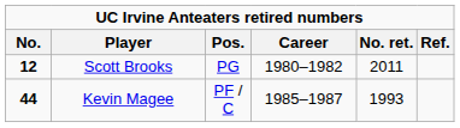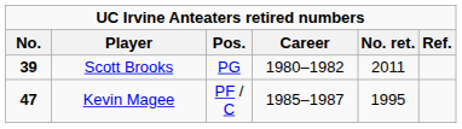 <table class="wikitable sortable" style="text-align:center">
 <tr>
 <td colspan=6><strong>UC Irvine Anteaters retired numbers</strong></td>
 </tr>
 <tr>
 <th width=40px>No.</th>
 <th width=150px>Player</th>
 <th width=40px>Pos.</th>
 <th width=100px>Career</th>
 <th width=px>No. ret.</th>
 <th width=px>Ref.</th>
 </tr>
 <tr>
-<td><strong>12</strong></td>
+<td><strong>39</strong></td>
 <td><a href='#'>Scott Brooks</a></td>
 <td><a href='#'>PG</a></td>
 <td>1980–1982</td>
 <td>2011</td>
 <td></td>
 </tr>
 <tr>
-<td><strong>44</strong></td>
+<td><strong>47</strong></td>
 <td><a href='#'>Kevin Magee</a></td>
 <td><a href='#'>PF</a> / <a href='#'>C</a></td>
 <td>1985–1987</td>
-<td>1993</td>
+<td>1995</td>
 <td></td>
 </tr>
 </table>
